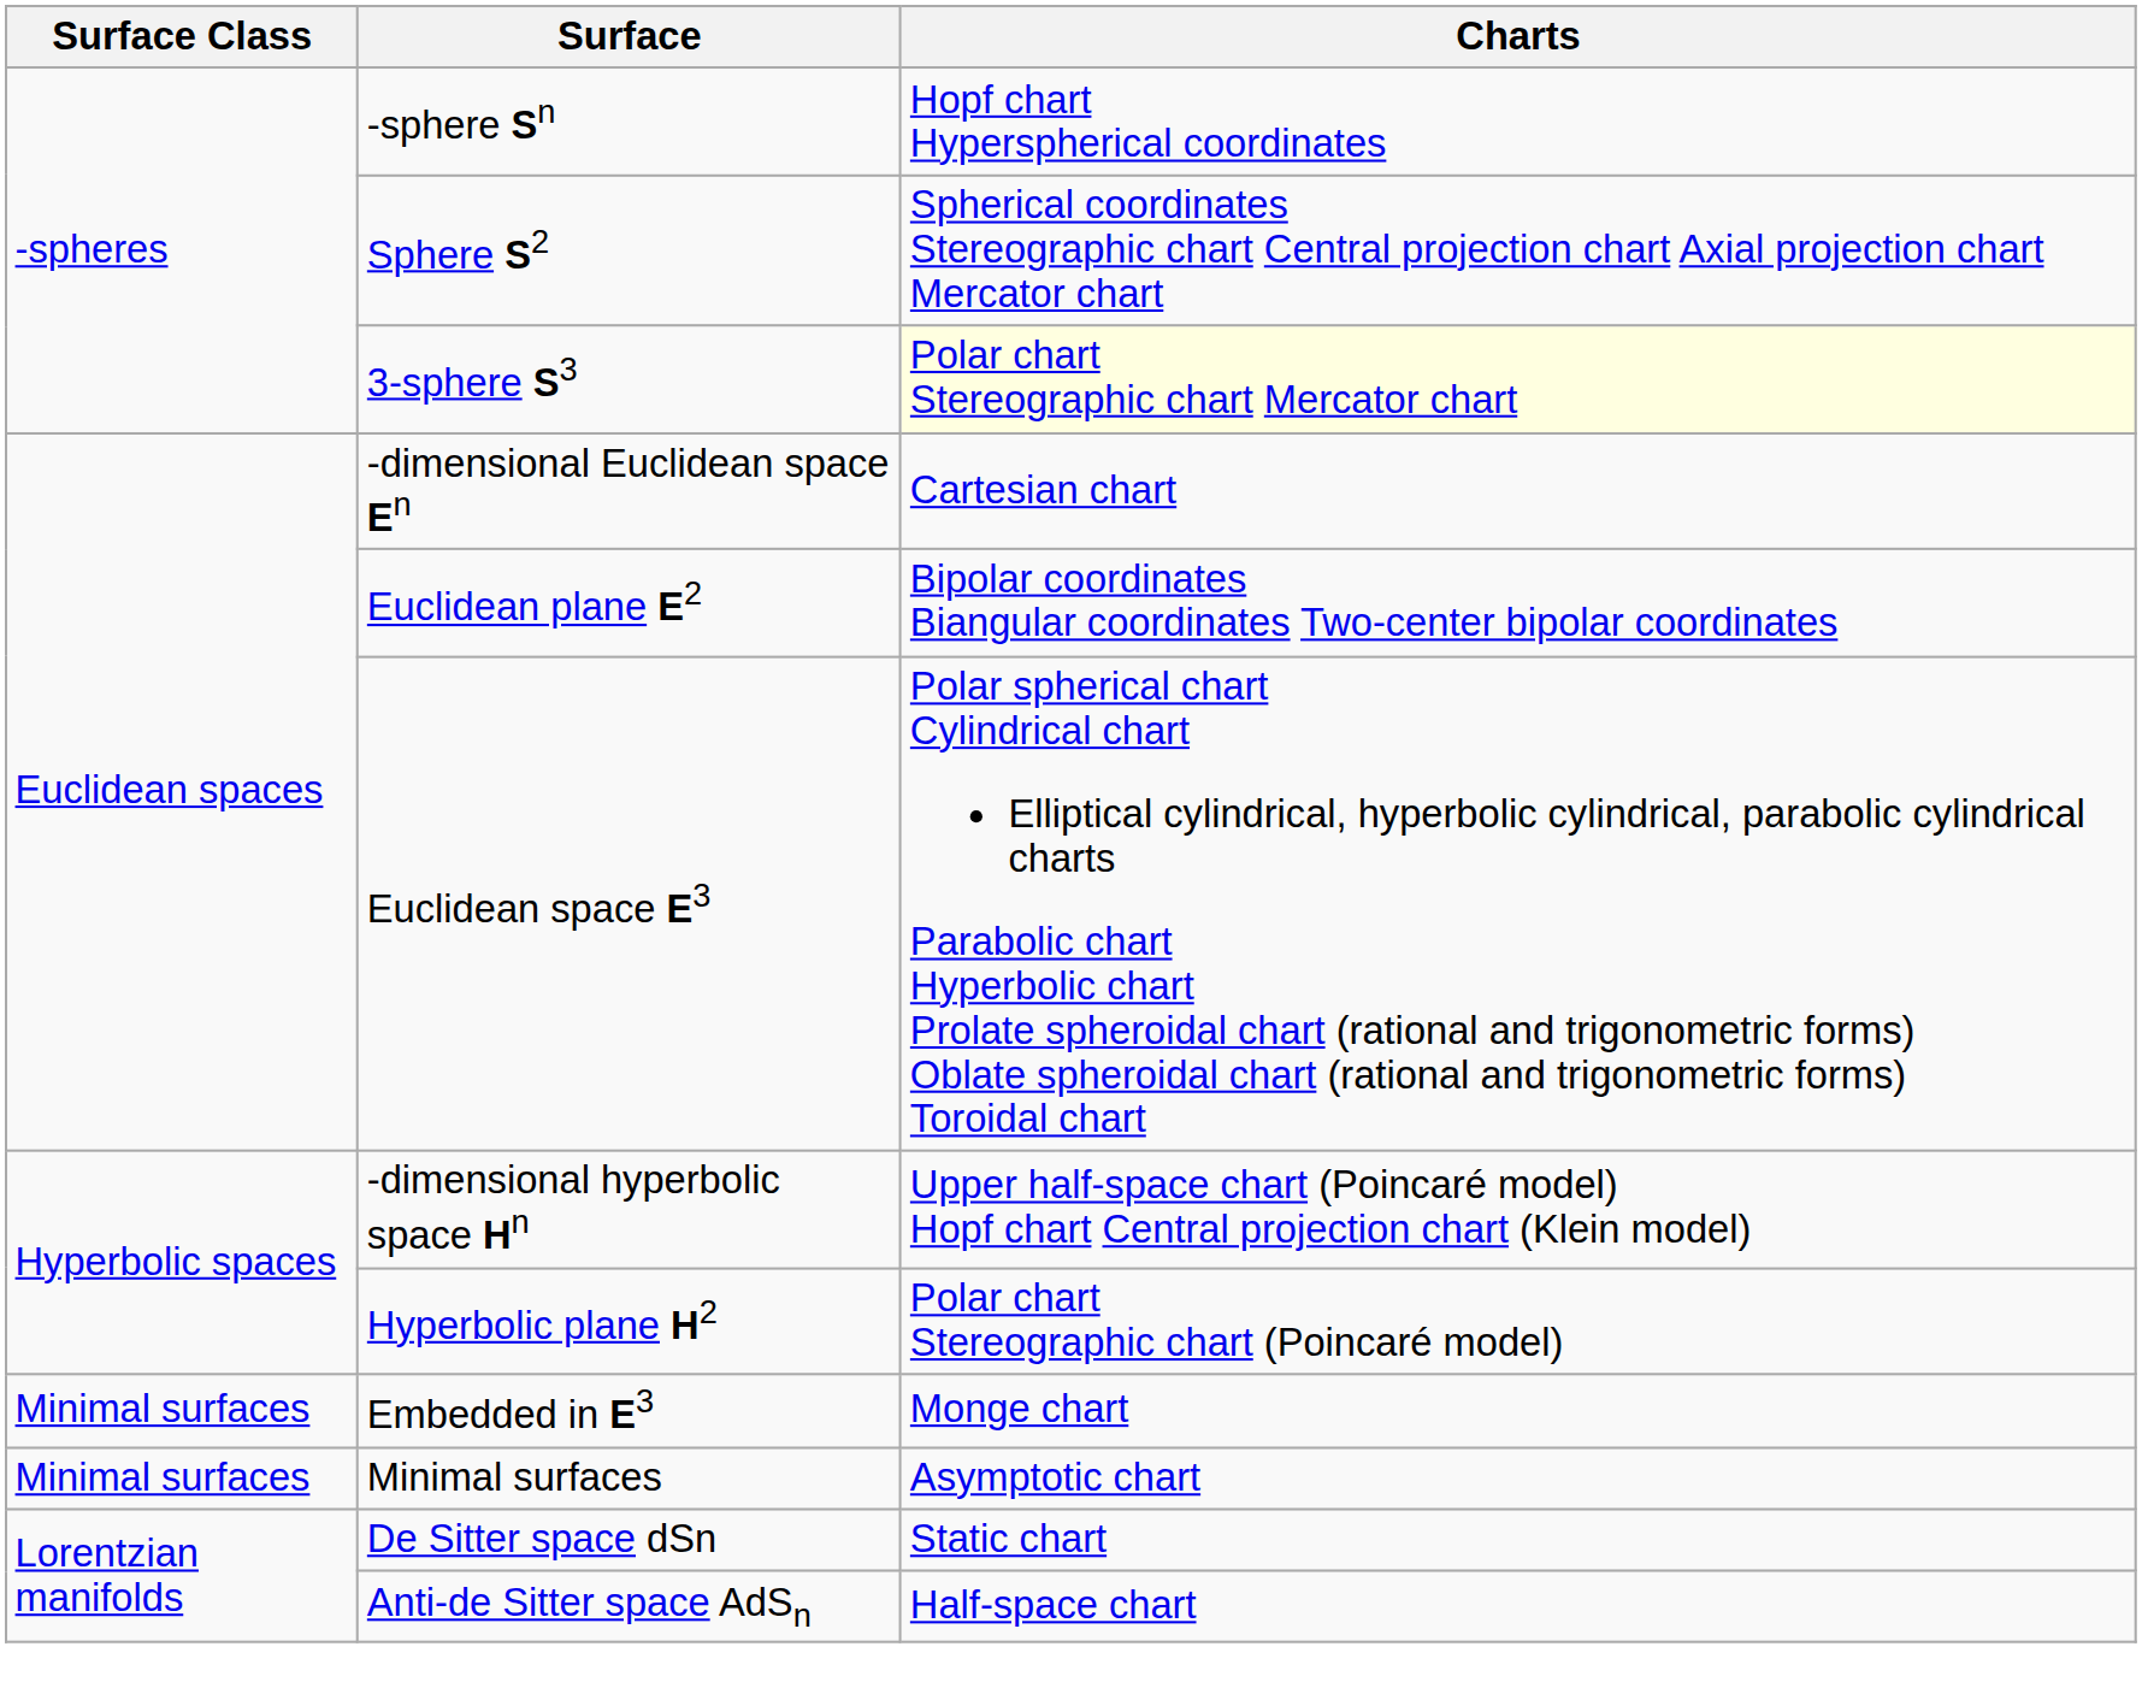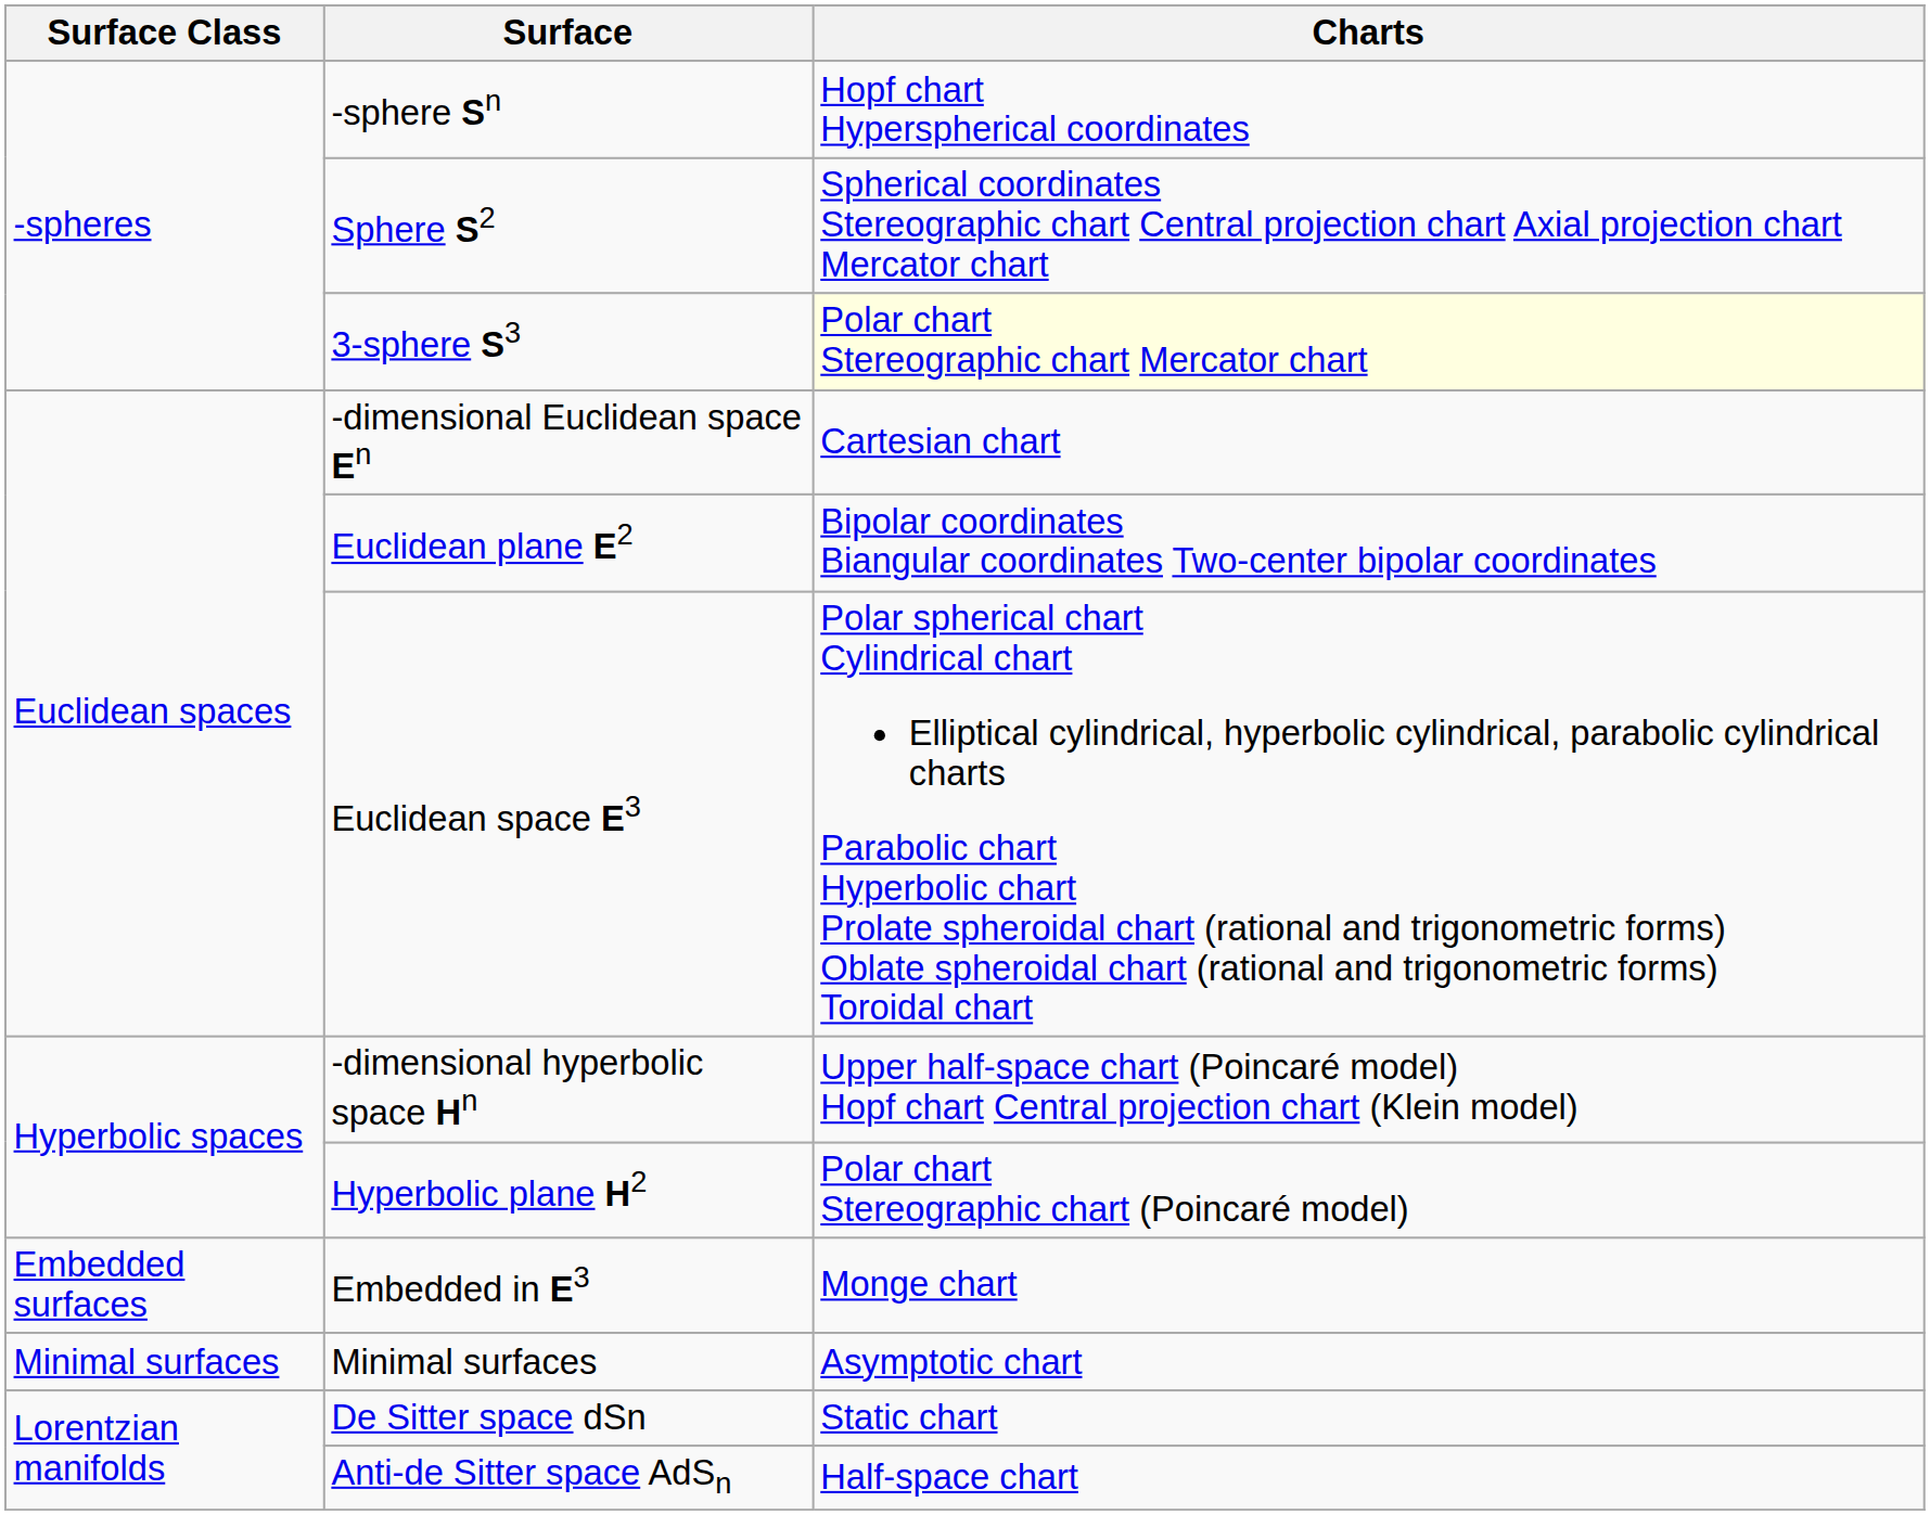 <table class="wikitable">
 <tr>
 <th>Surface Class</th>
 <th>Surface</th>
 <th>Charts</th>
 </tr>
 <tr>
 <td rowspan="3"><em><a href='#'></a></em><a href='#'>-spheres</a></td>
 <td><em></em>-sphere <strong>S</strong><sup>n</sup></td>
 <td><a href='#'>Hopf chart</a><br><a href='#'>Hyperspherical coordinates</a></td>
 </tr>
 <tr>
 <td><a href='#'>Sphere</a> <strong>S</strong><sup>2</sup></td>
 <td><a href='#'>Spherical coordinates</a><br><a href='#'>Stereographic chart</a> <a href='#'>Central projection chart</a> <a href='#'>Axial projection chart</a> <a href='#'>Mercator chart</a></td>
 </tr>
 <tr>
 <td><a href='#'>3-sphere</a> <strong>S</strong><sup>3</sup></td>
 <td style="background: lightyellow;"><a href='#'>Polar chart</a><br><a href='#'>Stereographic chart</a> <a href='#'>Mercator chart</a></td>
 </tr>
 <tr>
 <td rowspan="3"><a href='#'>Euclidean spaces</a></td>
 <td><em></em>-dimensional Euclidean space <strong>E</strong><sup>n</sup></td>
 <td><a href='#'>Cartesian chart</a></td>
 </tr>
 <tr>
 <td><a href='#'>Euclidean plane</a> <strong>E</strong><sup>2</sup></td>
 <td><a href='#'>Bipolar coordinates</a><br><a href='#'>Biangular coordinates</a> <a href='#'>Two-center bipolar coordinates</a></td>
 </tr>
 <tr>
 <td>Euclidean space <strong>E</strong><sup>3</sup></td>
 <td><a href='#'>Polar spherical chart</a><br><a href='#'>Cylindrical chart</a><ul><li>Elliptical cylindrical, hyperbolic cylindrical, parabolic cylindrical charts</li></ul><a href='#'>Parabolic chart</a><br><a href='#'>Hyperbolic chart</a><br><a href='#'>Prolate spheroidal chart</a> (rational and trigonometric forms)<br><a href='#'>Oblate spheroidal chart</a> (rational and trigonometric forms)<br><a href='#'>Toroidal chart</a></td>
 </tr>
 <tr>
 <td rowspan="2"><a href='#'>Hyperbolic spaces</a></td>
 <td><em></em>-dimensional hyperbolic space <strong>H</strong><sup>n</sup></td>
 <td><a href='#'>Upper half-space chart</a> (Poincaré model)<br><a href='#'>Hopf chart</a> <a href='#'>Central projection chart</a> (Klein model)</td>
 </tr>
 <tr>
 <td><a href='#'>Hyperbolic plane</a> <strong>H</strong><sup>2</sup></td>
 <td><a href='#'>Polar chart</a><br><a href='#'>Stereographic chart</a> (Poincaré model)</td>
 </tr>
 <tr>
-<td><a href='#'>Minimal surfaces</a></td>
+<td><a href='#'>Embedded surfaces</a></td>
 <td>Embedded in <strong>E</strong><sup>3</sup></td>
 <td><a href='#'>Monge chart</a></td>
 </tr>
 <tr>
 <td><a href='#'>Minimal surfaces</a></td>
 <td>Minimal surfaces</td>
 <td><a href='#'>Asymptotic chart</a></td>
 </tr>
 <tr>
 <td rowspan="2"><a href='#'>Lorentzian manifolds</a></td>
 <td><a href='#'>De Sitter space</a> dSn</td>
 <td><a href='#'>Static chart</a></td>
 </tr>
 <tr>
 <td><a href='#'>Anti-de Sitter space</a> AdS<sub>n</sub></td>
 <td><a href='#'>Half-space chart</a></td>
 </tr>
 </table>
